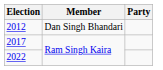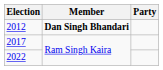 <table class="wikitable sortable">
 <tr>
 <th>Election</th>
 <th>Member</th>
 <th colspan=2>Party</th>
 </tr>
 <tr>
 <td><a href='#'>2012</a></td>
-<td>Dan Singh Bhandari</td>
+<td><strong>Dan Singh Bhandari</strong></td>
 <td></td>
 </tr>
 <tr>
 <td><a href='#'>2017</a></td>
 <td rowspan=2><a href='#'>Ram Singh Kaira</a></td>
 <td></td>
 </tr>
 <tr>
 <td><a href='#'>2022</a></td>
 <td></td>
 </tr>
 </table>
